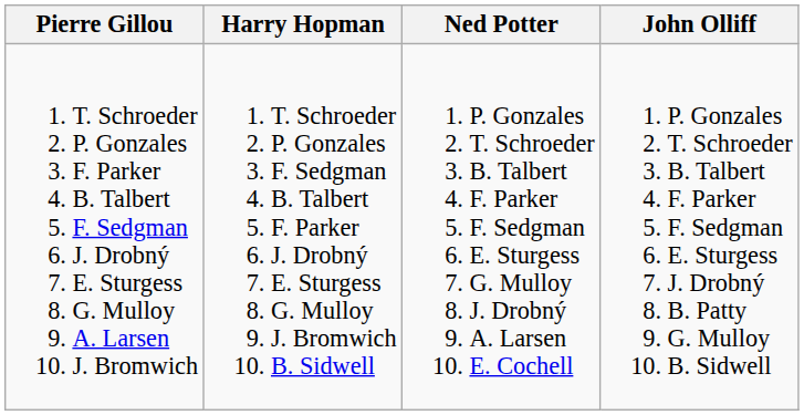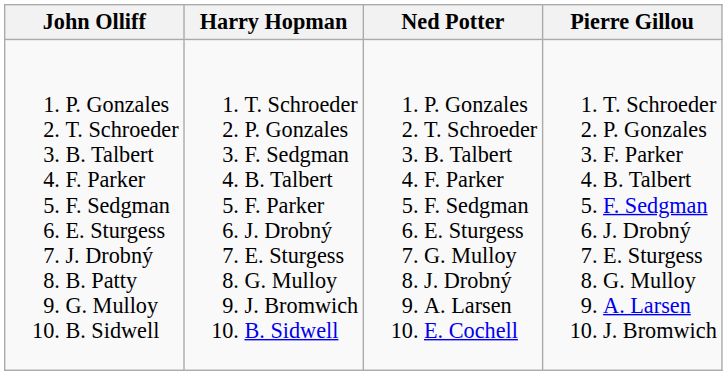 <table class="wikitable">
 <tr>
-<th>Pierre Gillou</th>
+<th>John Olliff</th>
 <th>Harry Hopman</th>
 <th>Ned Potter</th>
-<th>John Olliff</th>
+<th>Pierre Gillou</th>
 </tr>
 <tr style="vertical-align: top;">
-<td style="white-space: nowrap;"><br><ol><li> T. Schroeder</li><li> P. Gonzales</li><li> F. Parker</li><li> B. Talbert</li><li> <a href='#'>F. Sedgman</a></li><li> J. Drobný</li><li> E. Sturgess</li><li> G. Mulloy</li><li> <a href='#'>A. Larsen</a></li><li> J. Bromwich</li></ol></td>
+<td style="white-space: nowrap;"><br><ol><li> P. Gonzales</li><li> T. Schroeder</li><li> B. Talbert</li><li> F. Parker</li><li> F. Sedgman</li><li> E. Sturgess</li><li> J. Drobný</li><li> B. Patty</li><li> G. Mulloy</li><li> B. Sidwell</li></ol></td>
 <td style="white-space: nowrap;"><br><ol><li> T. Schroeder</li><li> P. Gonzales</li><li> F. Sedgman</li><li> B. Talbert</li><li> F. Parker</li><li> J. Drobný</li><li> E. Sturgess</li><li> G. Mulloy</li><li> J. Bromwich</li><li> <a href='#'>B. Sidwell</a></li></ol></td>
 <td style="white-space: nowrap;"><br><ol><li> P. Gonzales</li><li> T. Schroeder</li><li> B. Talbert</li><li> F. Parker</li><li> F. Sedgman</li><li> E. Sturgess</li><li> G. Mulloy</li><li> J. Drobný</li><li> A. Larsen</li><li> <a href='#'>E. Cochell</a></li></ol></td>
-<td style="white-space: nowrap;"><br><ol><li> P. Gonzales</li><li> T. Schroeder</li><li> B. Talbert</li><li> F. Parker</li><li> F. Sedgman</li><li> E. Sturgess</li><li> J. Drobný</li><li> B. Patty</li><li> G. Mulloy</li><li> B. Sidwell</li></ol></td>
+<td style="white-space: nowrap;"><br><ol><li> T. Schroeder</li><li> P. Gonzales</li><li> F. Parker</li><li> B. Talbert</li><li> <a href='#'>F. Sedgman</a></li><li> J. Drobný</li><li> E. Sturgess</li><li> G. Mulloy</li><li> <a href='#'>A. Larsen</a></li><li> J. Bromwich</li></ol></td>
 </tr>
 </table>
